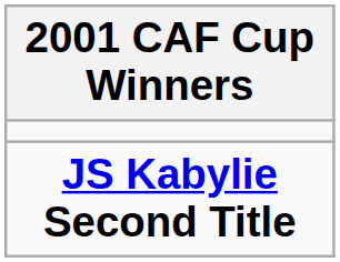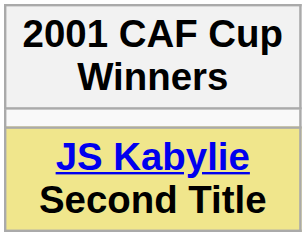 <table class="wikitable" style="text-align: center; margin: 0 auto; width: 20%">
 <tr>
 <th>2001 CAF Cup<br>Winners</th>
 </tr>
 <tr>
 <td></td>
 </tr>
 <tr>
-<td><strong><a href='#'>JS Kabylie</a></strong><br><strong>Second Title</strong></td>
+<td style="background: khaki;"><strong><a href='#'>JS Kabylie</a></strong><br><strong>Second Title</strong></td>
 </tr>
 </table>
